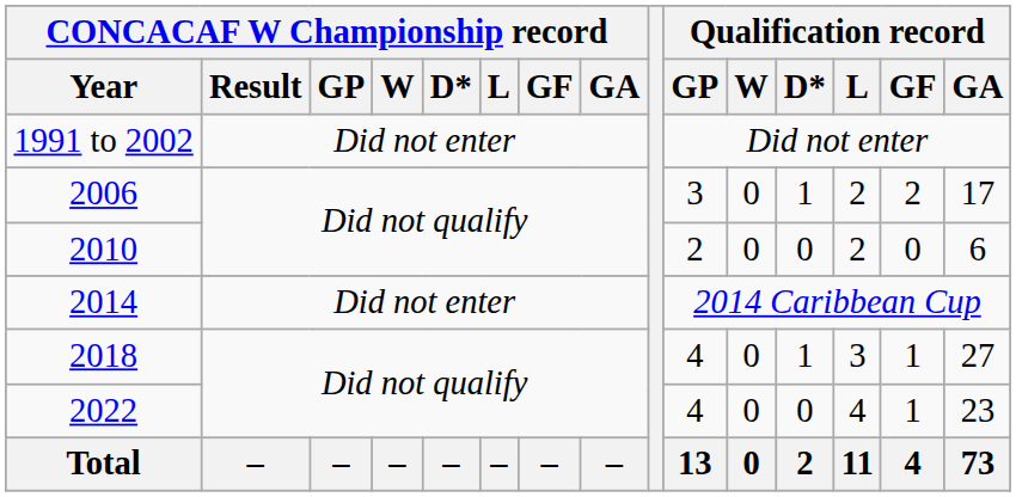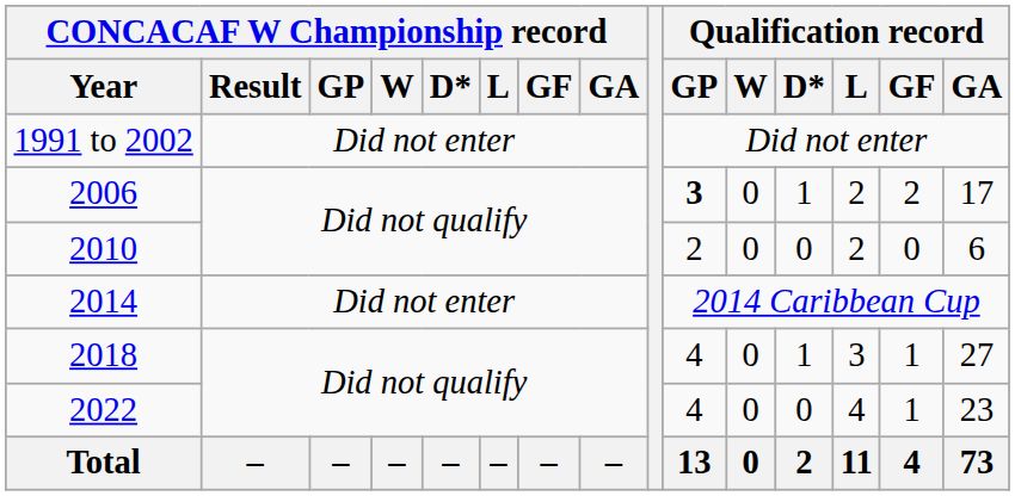 <table class="wikitable" style="text-align: center">
 <tr>
 <th colspan=8><a href='#'>CONCACAF W Championship</a> record</th>
 <th rowspan=9></th>
 <th colspan=6>Qualification record</th>
 </tr>
 <tr>
 <th>Year</th>
 <th>Result</th>
 <th>GP</th>
 <th>W</th>
 <th>D*</th>
 <th>L</th>
 <th>GF</th>
 <th>GA</th>
 <th>GP</th>
 <th>W</th>
 <th>D*</th>
 <th>L</th>
 <th>GF</th>
 <th>GA</th>
 </tr>
 <tr>
 <td> <a href='#'>1991</a> to  <a href='#'>2002</a></td>
 <td colspan=7><em>Did not enter</em></td>
 <td colspan=6><em>Did not enter</em></td>
 </tr>
 <tr>
 <td> <a href='#'>2006</a></td>
 <td colspan=7 rowspan=2><em>Did not qualify</em></td>
-<td>3</td>
+<td><strong>3</strong></td>
 <td>0</td>
 <td>1</td>
 <td>2</td>
 <td>2</td>
 <td>17</td>
 </tr>
 <tr>
 <td> <a href='#'>2010</a></td>
 <td>2</td>
 <td>0</td>
 <td>0</td>
 <td>2</td>
 <td>0</td>
 <td>6</td>
 </tr>
 <tr>
 <td> <a href='#'>2014</a></td>
 <td colspan=7><em>Did not enter</em></td>
 <td colspan=6><em><a href='#'>2014 Caribbean Cup</a></em></td>
 </tr>
 <tr>
 <td> <a href='#'>2018</a></td>
 <td colspan=7 rowspan=2><em>Did not qualify</em></td>
 <td>4</td>
 <td>0</td>
 <td>1</td>
 <td>3</td>
 <td>1</td>
 <td>27</td>
 </tr>
 <tr>
 <td> <a href='#'>2022</a></td>
 <td>4</td>
 <td>0</td>
 <td>0</td>
 <td>4</td>
 <td>1</td>
 <td>23</td>
 </tr>
 <tr>
 <th>Total</th>
 <th>–</th>
 <th>–</th>
 <th>–</th>
 <th>–</th>
 <th>–</th>
 <th>–</th>
 <th>–</th>
 <th>13</th>
 <th>0</th>
 <th>2</th>
 <th>11</th>
 <th>4</th>
 <th>73</th>
 </tr>
 </table>
